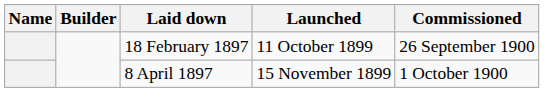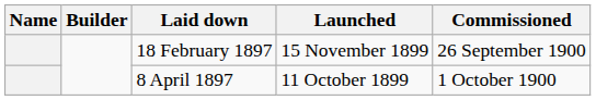 <table class="wikitable plainrowheaders">
 <tr>
 <th scope="col">Name</th>
 <th scope="col">Builder</th>
 <th scope="col">Laid down</th>
 <th scope="col">Launched</th>
 <th scope="col">Commissioned</th>
 </tr>
 <tr>
 <th scope="row"></th>
 <td rowspan=2></td>
 <td>18 February 1897</td>
-<td>11 October 1899</td>
+<td>15 November 1899</td>
 <td>26 September 1900</td>
 </tr>
 <tr>
 <th scope="row"></th>
 <td>8 April 1897</td>
-<td>15 November 1899</td>
+<td>11 October 1899</td>
 <td>1 October 1900</td>
 </tr>
 </table>
